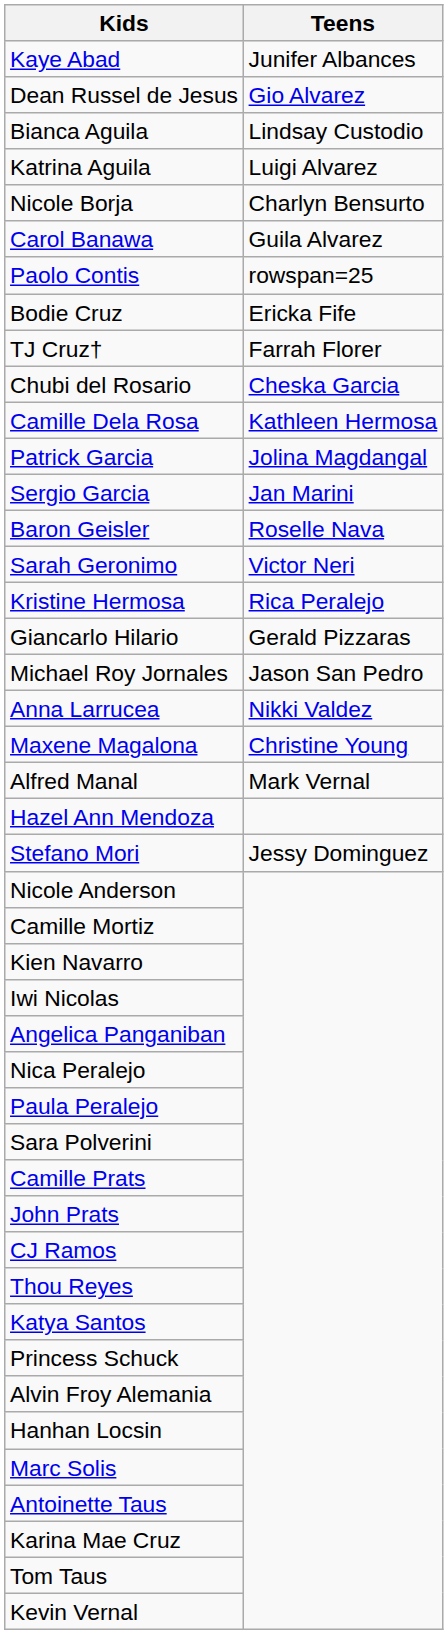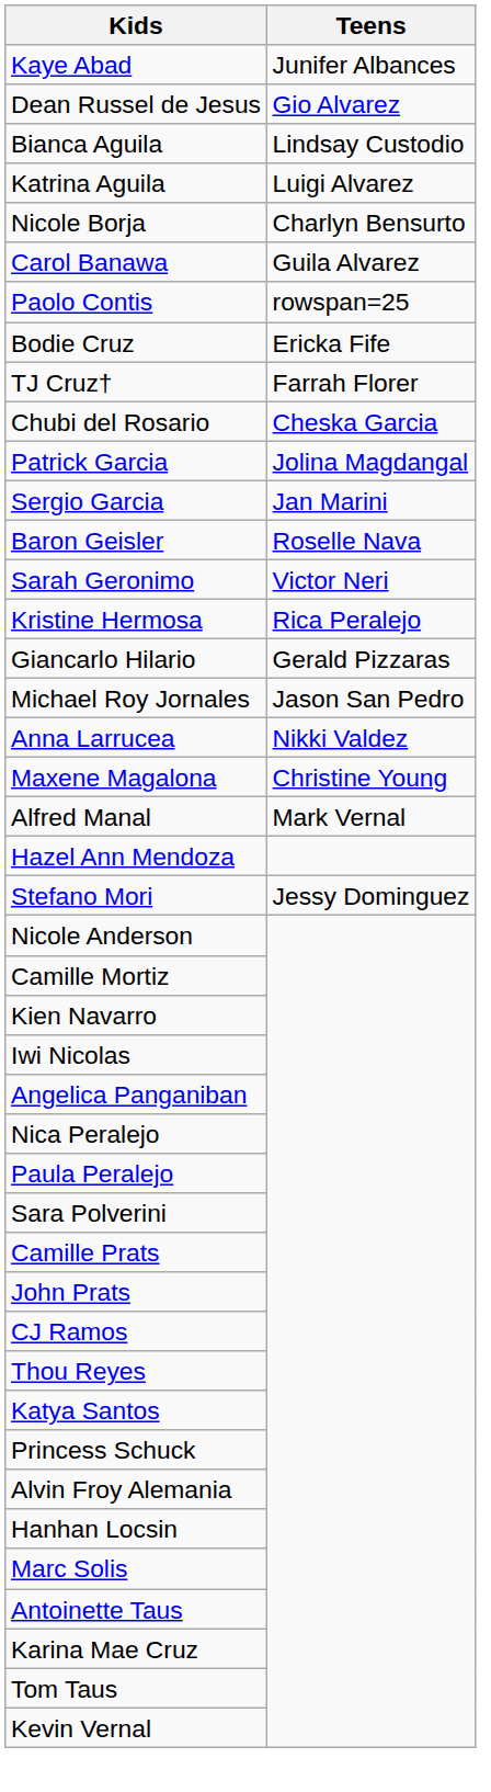 <table class="wikitable" style="font-size: 95%;">
 <tr>
 <th>Kids</th>
 <th>Teens</th>
 </tr>
 <tr>
 <td><a href='#'>Kaye Abad</a></td>
 <td>Junifer Albances</td>
 </tr>
 <tr>
 <td>Dean Russel de Jesus</td>
 <td><a href='#'>Gio Alvarez</a></td>
 </tr>
 <tr>
 <td>Bianca Aguila</td>
 <td>Lindsay Custodio</td>
 </tr>
 <tr>
 <td>Katrina Aguila</td>
 <td>Luigi Alvarez</td>
 </tr>
 <tr>
 <td>Nicole Borja</td>
 <td>Charlyn Bensurto</td>
 </tr>
 <tr>
 <td><a href='#'>Carol Banawa</a></td>
 <td>Guila Alvarez</td>
 </tr>
 <tr>
 <td><a href='#'>Paolo Contis</a></td>
 <td>rowspan=25 </td>
 </tr>
 <tr>
 <td>Bodie Cruz</td>
 <td>Ericka Fife</td>
 </tr>
 <tr>
 <td>TJ Cruz†</td>
 <td>Farrah Florer</td>
 </tr>
 <tr>
 <td>Chubi del Rosario</td>
 <td><a href='#'>Cheska Garcia</a></td>
-</tr>
-<tr>
-<td><a href='#'>Camille Dela Rosa</a></td>
-<td><a href='#'>Kathleen Hermosa</a></td>
 </tr>
 <tr>
 <td><a href='#'>Patrick Garcia</a></td>
 <td><a href='#'>Jolina Magdangal</a></td>
 </tr>
 <tr>
 <td><a href='#'>Sergio Garcia</a></td>
 <td><a href='#'>Jan Marini</a></td>
 </tr>
 <tr>
 <td><a href='#'>Baron Geisler</a></td>
 <td><a href='#'>Roselle Nava</a></td>
 </tr>
 <tr>
 <td><a href='#'>Sarah Geronimo</a></td>
 <td><a href='#'>Victor Neri</a></td>
 </tr>
 <tr>
 <td><a href='#'>Kristine Hermosa</a></td>
 <td><a href='#'>Rica Peralejo</a></td>
 </tr>
 <tr>
 <td>Giancarlo Hilario</td>
 <td>Gerald Pizzaras</td>
 </tr>
 <tr>
 <td>Michael Roy Jornales</td>
 <td>Jason San Pedro</td>
 </tr>
 <tr>
 <td><a href='#'>Anna Larrucea</a></td>
 <td><a href='#'>Nikki Valdez</a></td>
 </tr>
 <tr>
 <td><a href='#'>Maxene Magalona</a></td>
 <td><a href='#'>Christine Young</a></td>
 </tr>
 <tr>
 <td>Alfred Manal</td>
 <td>Mark Vernal</td>
 </tr>
 <tr>
 <td><a href='#'>Hazel Ann Mendoza</a></td>
 <td></td>
 </tr>
 <tr>
 <td><a href='#'>Stefano Mori</a></td>
 <td>Jessy Dominguez</td>
 </tr>
 <tr>
 <td>Nicole Anderson</td>
 </tr>
 <tr>
 <td>Camille Mortiz</td>
 </tr>
 <tr>
 <td>Kien Navarro</td>
 </tr>
 <tr>
 <td>Iwi Nicolas</td>
 </tr>
 <tr>
 <td><a href='#'>Angelica Panganiban</a></td>
 </tr>
 <tr>
 <td>Nica Peralejo</td>
 </tr>
 <tr>
 <td><a href='#'>Paula Peralejo</a></td>
 </tr>
 <tr>
 <td>Sara Polverini</td>
 </tr>
 <tr>
 <td><a href='#'>Camille Prats</a></td>
 </tr>
 <tr>
 <td><a href='#'>John Prats</a></td>
 </tr>
 <tr>
 <td><a href='#'>CJ Ramos</a></td>
 </tr>
 <tr>
 <td><a href='#'>Thou Reyes</a></td>
 </tr>
 <tr>
 <td><a href='#'>Katya Santos</a></td>
 </tr>
 <tr>
 <td>Princess Schuck</td>
 </tr>
 <tr>
 <td>Alvin Froy Alemania</td>
 </tr>
 <tr>
 <td>Hanhan Locsin</td>
 </tr>
 <tr>
 <td><a href='#'>Marc Solis</a></td>
 </tr>
 <tr>
 <td><a href='#'>Antoinette Taus</a></td>
 </tr>
 <tr>
 <td>Karina Mae Cruz</td>
 </tr>
 <tr>
 <td>Tom Taus</td>
 </tr>
 <tr>
 <td>Kevin Vernal</td>
 </tr>
 </table>
